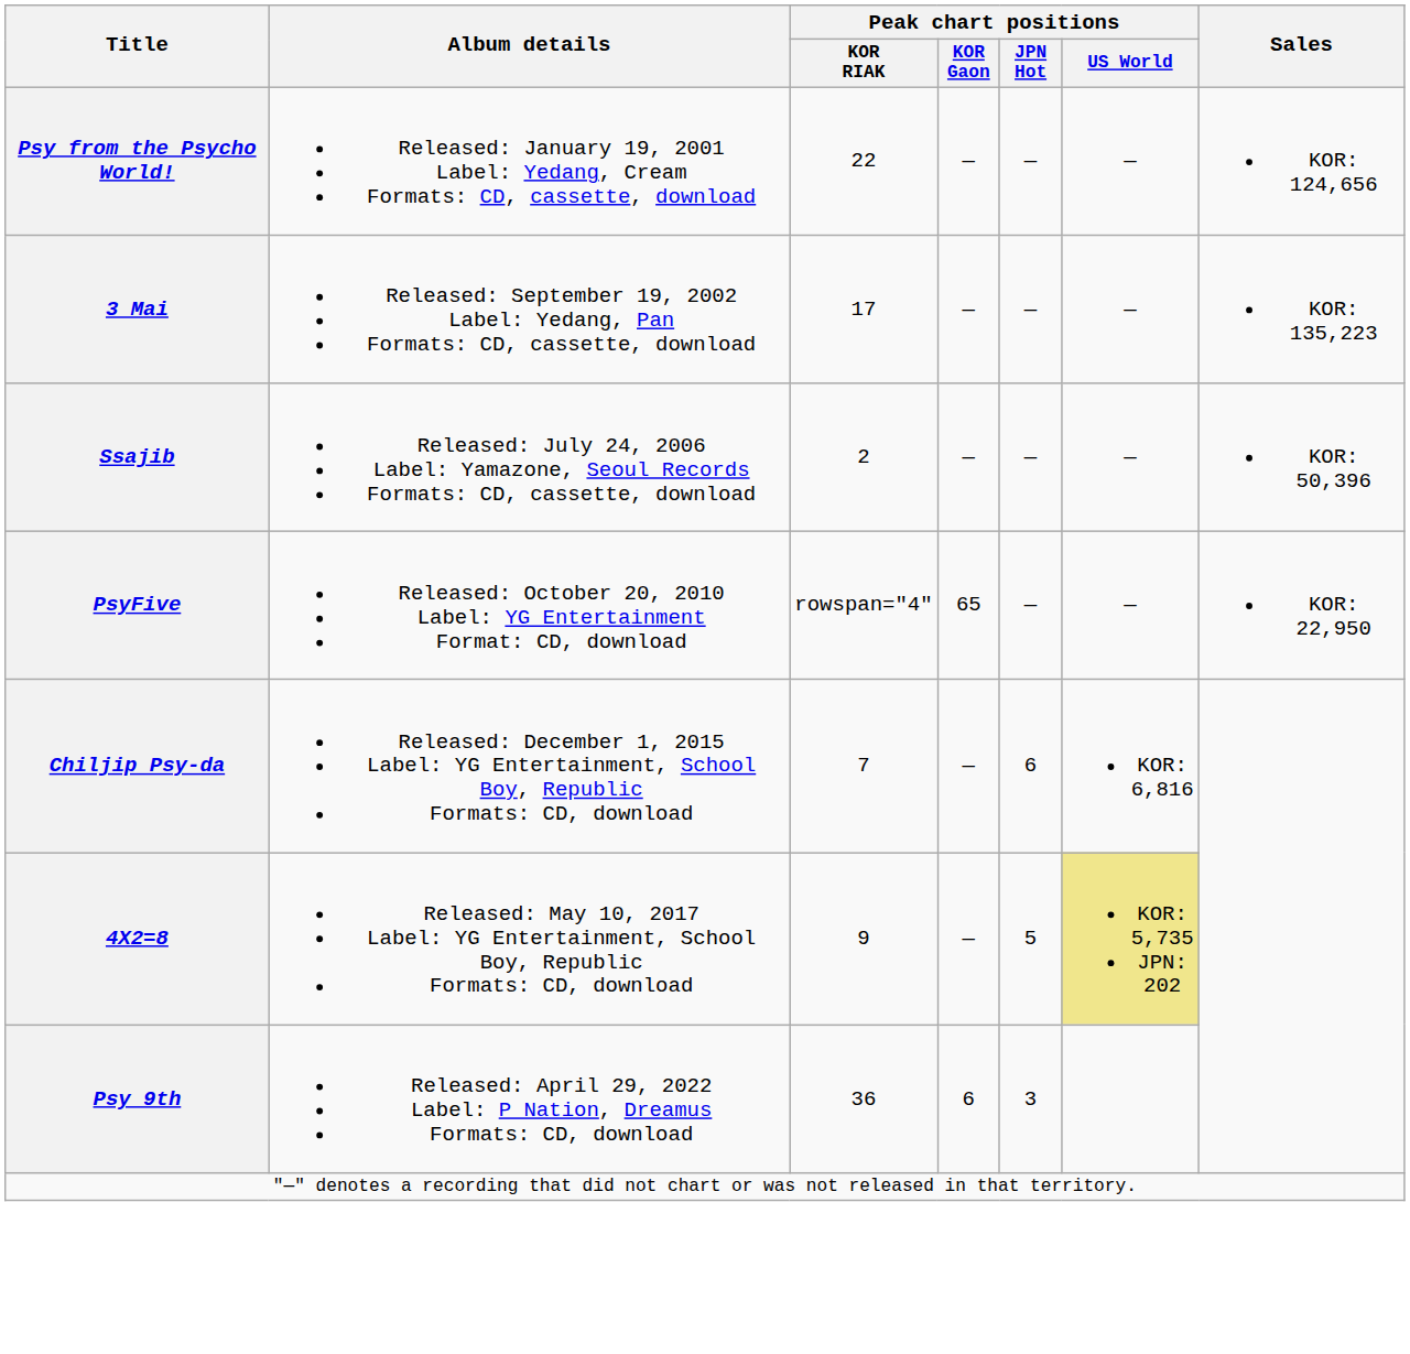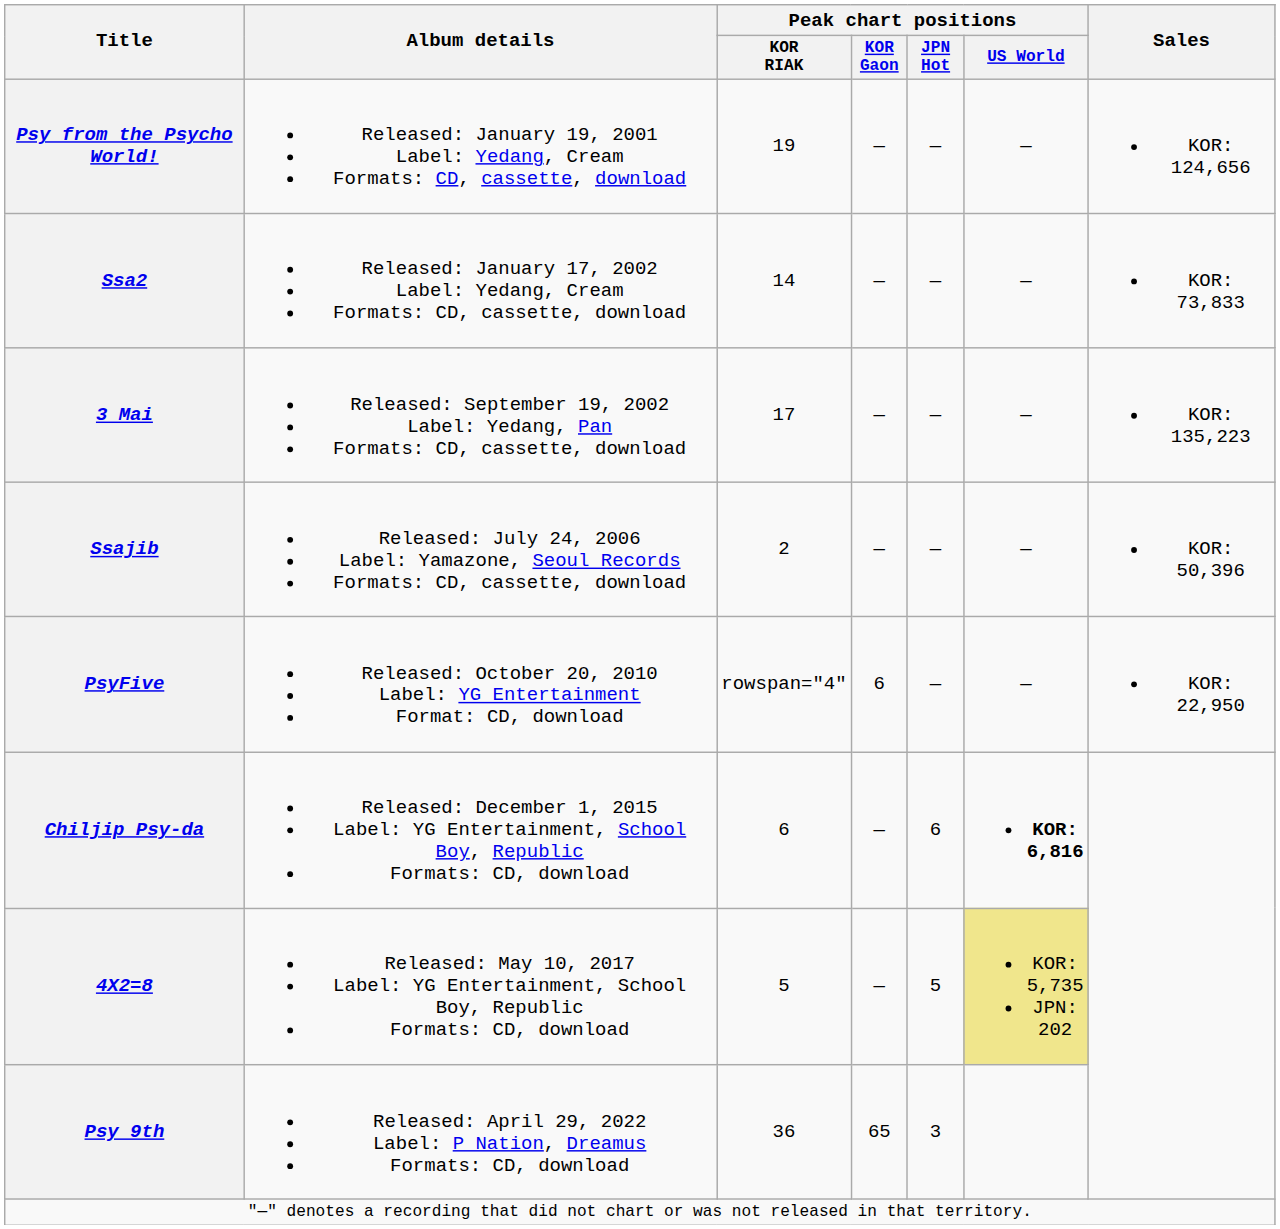 <table class="wikitable plainrowheaders" style="text-align:center;">
 <tr>
 <th scope="col" rowspan="2">Title</th>
 <th scope="col" rowspan="2">Album details</th>
 <th colspan="4">Peak chart positions</th>
 <th scope="col" rowspan="2">Sales</th>
 </tr>
 <tr>
 <th scope="col" style="width:3em;font-size:85%;">KOR<br>RIAK<br></th>
 <th scope="col" style="width:3em;font-size:85%;"><a href='#'>KOR<br>Gaon</a><br></th>
 <th scope="col" style="width:3em;font-size:85%;"><a href='#'>JPN<br>Hot</a><br></th>
 <th scope="col" style="width:3em;font-size:85%;"><a href='#'>US World</a><br></th>
 </tr>
 <tr>
 <th scope="row"><em><a href='#'>Psy from the Psycho World!</a></em></th>
 <td><br><ul><li>Released: January 19, 2001</li><li>Label: <a href='#'>Yedang</a>, Cream</li><li>Formats: <a href='#'>CD</a>, <a href='#'>cassette</a>, <a href='#'>download</a></li></ul></td>
-<td>22</td>
+<td>19</td>
 <td>—</td>
 <td>—</td>
 <td>—</td>
 <td><br><ul><li>KOR: 124,656</li></ul></td>
+</tr>
+<tr>
+<th scope="row"><em><a href='#'>Ssa2</a></em></th>
+<td><br><ul><li>Released: January 17, 2002</li><li>Label: Yedang, Cream</li><li>Formats: CD, cassette, download</li></ul></td>
+<td>14</td>
+<td>—</td>
+<td>—</td>
+<td>—</td>
+<td><br><ul><li>KOR: 73,833</li></ul></td>
 </tr>
 <tr>
 <th scope="row"><em><a href='#'>3 Mai</a></em></th>
 <td><br><ul><li>Released: September 19, 2002</li><li>Label: Yedang, <a href='#'>Pan</a></li><li>Formats: CD, cassette, download</li></ul></td>
 <td>17</td>
 <td>—</td>
 <td>—</td>
 <td>—</td>
 <td><br><ul><li>KOR: 135,223</li></ul></td>
 </tr>
 <tr>
 <th scope="row"><em><a href='#'>Ssajib</a></em></th>
 <td><br><ul><li>Released: July 24, 2006</li><li>Label: Yamazone, <a href='#'>Seoul Records</a></li><li>Formats: CD, cassette, download</li></ul></td>
 <td>2</td>
 <td>—</td>
 <td>—</td>
 <td>—</td>
 <td><br><ul><li>KOR: 50,396</li></ul></td>
 </tr>
 <tr>
 <th scope="row"><em><a href='#'>PsyFive</a></em></th>
 <td><br><ul><li>Released: October 20, 2010</li><li>Label: <a href='#'>YG Entertainment</a></li><li>Format: CD, download</li></ul></td>
 <td>rowspan="4" </td>
-<td>65</td>
+<td>6</td>
 <td>—</td>
 <td>—</td>
 <td><br><ul><li>KOR: 22,950</li></ul></td>
 </tr>
 <tr>
 <th scope="row"><em><a href='#'>Chiljip Psy-da</a></em></th>
 <td><br><ul><li>Released: December 1, 2015</li><li>Label: YG Entertainment, <a href='#'>School Boy</a>, <a href='#'>Republic</a></li><li>Formats: CD, download</li></ul></td>
-<td>7</td>
+<td>6</td>
 <td>—</td>
 <td>6</td>
-<td><br><ul><li>KOR: 6,816</li></ul></td>
+<td><strong><br><ul><li>KOR: 6,816</li></ul></strong></td>
 </tr>
 <tr>
 <th scope="row"><em><a href='#'>4X2=8</a></em></th>
 <td><br><ul><li>Released: May 10, 2017</li><li>Label: YG Entertainment, School Boy, Republic</li><li>Formats: CD, download</li></ul></td>
-<td>9</td>
+<td>5</td>
 <td>—</td>
 <td>5</td>
 <td style="background: khaki;"><br><ul><li>KOR: 5,735</li><li>JPN: 202</li></ul></td>
 </tr>
 <tr>
 <th scope="row"><em><a href='#'>Psy 9th</a></em></th>
 <td><br><ul><li>Released: April 29, 2022</li><li>Label: <a href='#'>P Nation</a>, <a href='#'>Dreamus</a></li><li>Formats: CD, download</li></ul></td>
 <td>36</td>
-<td>6</td>
+<td>65</td>
 <td>3</td>
 <td></td>
 </tr>
 <tr>
 <td colspan="7" style="font-size:85%">"—" denotes a recording that did not chart or was not released in that territory.</td>
 </tr>
 </table>
